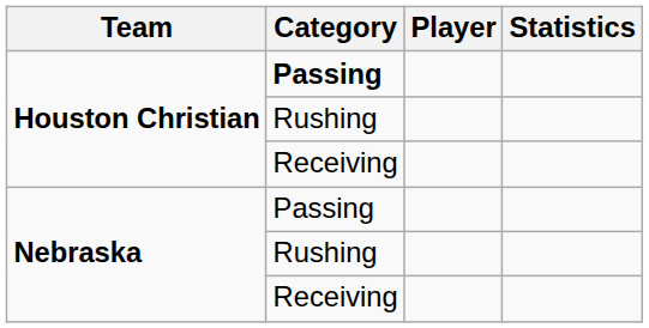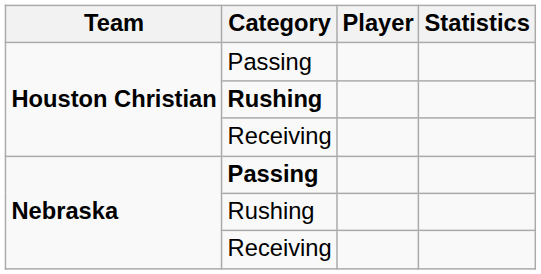 <table class="wikitable" style="float: right;">
 <tr>
 <th>Team</th>
 <th>Category</th>
 <th>Player</th>
 <th>Statistics</th>
 </tr>
 <tr>
 <td rowspan=3><strong>Houston Christian</strong></td>
+<td>Passing</td>
+<td></td>
+<td></td>
+</tr>
+<tr>
+<td><strong>Rushing</strong></td>
+<td></td>
+<td></td>
+</tr>
+<tr>
+<td>Receiving</td>
+<td></td>
+<td></td>
+</tr>
+<tr>
+<td rowspan=3><strong>Nebraska</strong></td>
 <td><strong>Passing</strong></td>
 <td></td>
 <td></td>
 </tr>
 <tr>
 <td>Rushing</td>
 <td></td>
 <td></td>
 </tr>
 <tr>
 <td>Receiving</td>
 <td></td>
 <td></td>
 </tr>
-<tr>
-<td rowspan=3><strong>Nebraska</strong></td>
-<td>Passing</td>
-<td></td>
-<td></td>
-</tr>
-<tr>
-<td>Rushing</td>
-<td></td>
-<td></td>
-</tr>
-<tr>
-<td>Receiving</td>
-<td></td>
-<td></td>
-</tr>
 </table>
